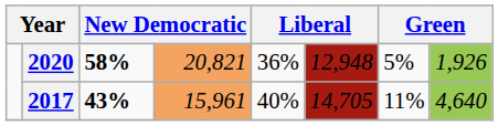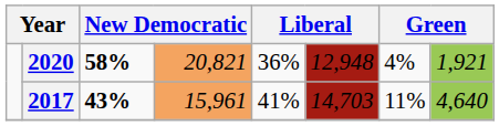 <table class="wikitable" style="float:right; width:400; font-size:90%; margin-left:1em;">
 <tr>
 <th colspan="2" scope="col">Year</th>
 <th colspan="2" scope="col"><a href='#'>New Democratic</a></th>
 <th colspan="2" scope="col"><a href='#'>Liberal</a></th>
 <th colspan="2" scope="col"><a href='#'>Green</a></th>
 </tr>
 <tr>
 <td rowspan="2" style="width: 0.25em; background-color: "></td>
 <th><a href='#'>2020</a></th>
 <td><strong>58%</strong></td>
 <td style="text-align:right; background:#F4A460;"><em>20,821</em></td>
 <td><span> 36%</span></td>
 <td style="text-align:right; background:#A51B12;"><span> <em>12,948</em></span></td>
-<td>5%</td>
-<td style="text-align:right; background:#99C955;"><em>1,926</em></td>
+<td>4%</td>
+<td style="text-align:right; background:#99C955;"><em>1,921</em></td>
 </tr>
 <tr>
 <th><a href='#'>2017</a></th>
 <td><strong>43%</strong></td>
 <td style="text-align:right; background:#F4A460;"><em>15,961</em></td>
-<td><span> 40%</span></td>
-<td style="text-align:right; background:#A51B12;"><span> <em>14,705</em></span></td>
+<td><span> 41%</span></td>
+<td style="text-align:right; background:#A51B12;"><span> <em>14,703</em></span></td>
 <td>11%</td>
 <td style="text-align:right; background:#99C955;"><em>4,640</em></td>
 </tr>
 <tr>
 </tr>
 </table>
